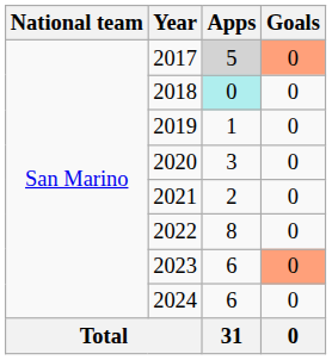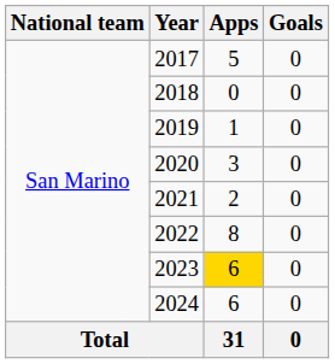 <table class="wikitable" style="text-align:center">
 <tr>
 <th>National team</th>
 <th>Year</th>
 <th>Apps</th>
 <th>Goals</th>
 </tr>
 <tr>
 <td rowspan="8"><a href='#'>San Marino</a></td>
 <td>2017</td>
-<td style="background: lightgrey;">5</td>
-<td style="background: lightsalmon;">0</td>
+<td>5</td>
+<td>0</td>
 </tr>
 <tr>
 <td>2018</td>
-<td style="background: paleturquoise;">0</td>
+<td>0</td>
 <td>0</td>
 </tr>
 <tr>
 <td>2019</td>
 <td>1</td>
 <td>0</td>
 </tr>
 <tr>
 <td>2020</td>
 <td>3</td>
 <td>0</td>
 </tr>
 <tr>
 <td>2021</td>
 <td>2</td>
 <td>0</td>
 </tr>
 <tr>
 <td>2022</td>
 <td>8</td>
 <td>0</td>
 </tr>
 <tr>
 <td>2023</td>
-<td>6</td>
-<td style="background: lightsalmon;">0</td>
+<td style="background: gold;">6</td>
+<td>0</td>
 </tr>
 <tr>
 <td>2024</td>
 <td>6</td>
 <td>0</td>
 </tr>
 <tr>
 <th colspan=2>Total</th>
 <th>31</th>
 <th>0</th>
 </tr>
 </table>
